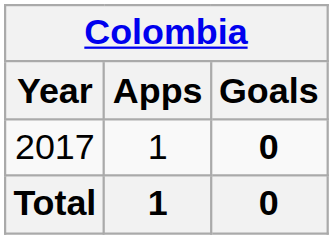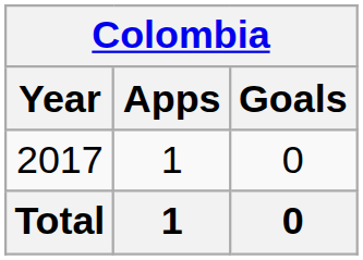 <table class="wikitable" style="text-align:center">
 <tr>
 <th colspan=3><a href='#'>Colombia</a></th>
 </tr>
 <tr>
 <th>Year</th>
 <th>Apps</th>
 <th>Goals</th>
 </tr>
 <tr>
 <td>2017</td>
 <td>1</td>
-<td><strong>0</strong></td>
+<td>0</td>
 </tr>
 <tr>
 <th>Total</th>
 <th>1</th>
 <th>0</th>
 </tr>
 </table>
